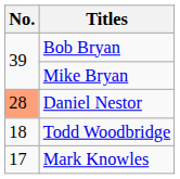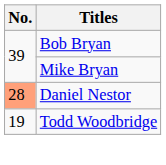 <table class="wikitable" style="display: inline-table;">
 <tr>
 <th width=20>No.</th>
 <th>Titles</th>
 </tr>
 <tr>
 <td rowspan="2">39</td>
 <td> <a href='#'>Bob Bryan</a></td>
 </tr>
 <tr>
 <td> <a href='#'>Mike Bryan</a></td>
 </tr>
 <tr>
 <td style="background: lightsalmon;">28</td>
 <td> <a href='#'>Daniel Nestor</a></td>
 </tr>
 <tr>
-<td>18</td>
+<td>19</td>
 <td> <a href='#'>Todd Woodbridge</a></td>
 </tr>
-<tr>
-<td>17</td>
-<td> <a href='#'>Mark Knowles</a></td>
-</tr>
 </table>
